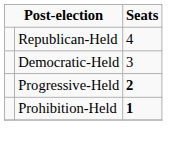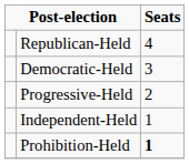 <table class= "wikitable">
 <tr>
 <td colspan= "2" rowspan= "1" align= "center" valign= "top"><strong>Post-election</strong></td>
 <td valign= "top"><strong>Seats</strong><br></td>
 </tr>
 <tr>
 <td style="background-color:"> </td>
 <td>Republican-Held</td>
 <td>4</td>
 </tr>
 <tr>
 <td style="background-color:"> </td>
 <td>Democratic-Held</td>
 <td>3</td>
 </tr>
 <tr>
 <td style="background-color:"> </td>
 <td>Progressive-Held</td>
-<td><strong>2</strong></td>
+<td>2</td>
+</tr>
+<tr>
+<td style="background-color:"> </td>
+<td>Independent-Held</td>
+<td>1</td>
 </tr>
 <tr>
 <td style="background-color:"> </td>
 <td>Prohibition-Held</td>
 <td><strong>1</strong></td>
 </tr>
 <tr>
 </tr>
 </table>
